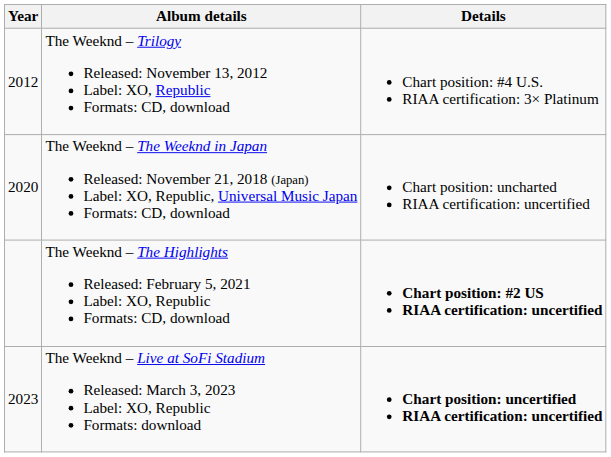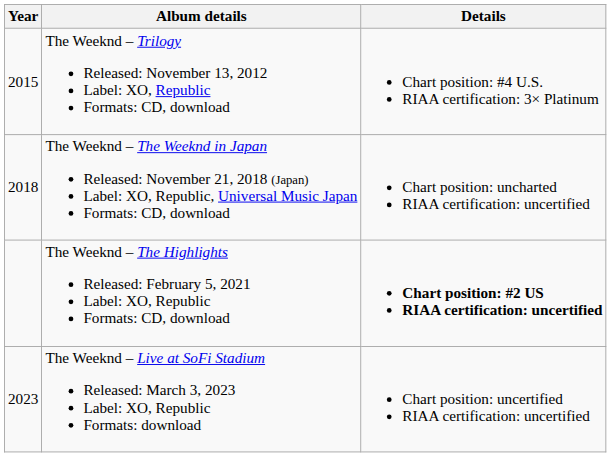 <table class="wikitable sortable">
 <tr>
 <th>Year</th>
 <th class="unsortable">Album details</th>
 <th>Details</th>
 </tr>
 <tr>
-<td style="text-align:center;">2012</td>
+<td style="text-align:center;">2015</td>
 <td>The Weeknd – <em><a href='#'>Trilogy</a></em><br><ul><li>Released: November 13, 2012</li><li>Label: XO, <a href='#'>Republic</a></li><li>Formats: CD, download</li></ul></td>
 <td><br><ul><li>Chart position: #4 U.S.</li><li>RIAA certification: 3× Platinum</li></ul></td>
 </tr>
 <tr>
-<td style="text-align:center;">2020</td>
+<td style="text-align:center;">2018</td>
 <td>The Weeknd – <em><a href='#'>The Weeknd in Japan</a></em><br><ul><li>Released: November 21, 2018 <small>(Japan)</small></li><li>Label: XO, Republic, <a href='#'>Universal Music Japan</a></li><li>Formats: CD, download</li></ul></td>
 <td><br><ul><li>Chart position: uncharted</li><li>RIAA certification: uncertified</li></ul></td>
 </tr>
 <tr>
 <td></td>
 <td>The Weeknd – <em><a href='#'>The Highlights</a></em><br><ul><li>Released: February 5, 2021</li><li>Label: XO, Republic</li><li>Formats: CD, download</li></ul></td>
 <td><strong><br><ul><li>Chart position: #2 US</li><li>RIAA certification: uncertified</li></ul></strong></td>
 </tr>
 <tr>
 <td>2023</td>
 <td>The Weeknd – <em><a href='#'>Live at SoFi Stadium</a></em><br><ul><li>Released: March 3, 2023</li><li>Label: XO, Republic</li><li>Formats: download</li></ul></td>
-<td><strong><br><ul><li>Chart position: uncertified</li><li>RIAA certification: uncertified</li></ul></strong></td>
+<td><br><ul><li>Chart position: uncertified</li><li>RIAA certification: uncertified</li></ul></td>
 </tr>
 </table>
